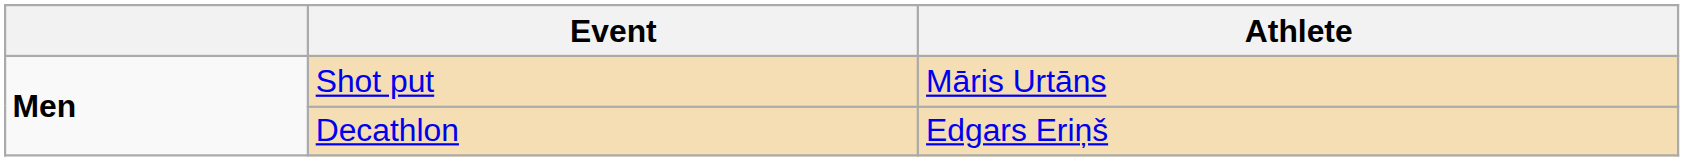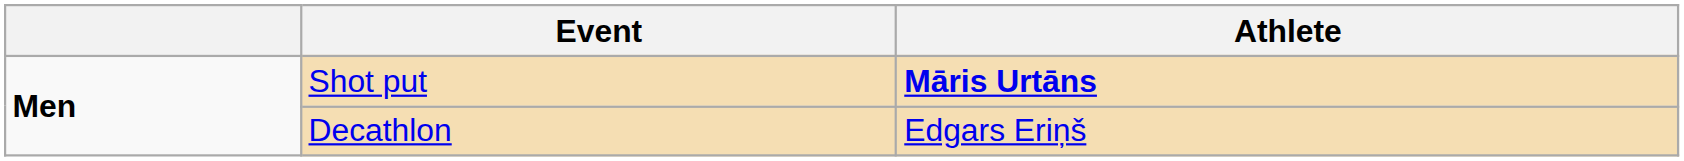 <table class=wikitable style="font-size:90%" width=60%>
 <tr>
 <th></th>
 <th>Event</th>
 <th>Athlete</th>
 </tr>
 <tr>
 <td rowspan=2><strong>Men</strong></td>
 <td bgcolor="wheat"><a href='#'>Shot put</a></td>
-<td bgcolor="wheat"><a href='#'>Māris Urtāns</a></td>
+<td bgcolor="wheat"><strong><a href='#'>Māris Urtāns</a></strong></td>
 </tr>
 <tr>
 <td bgcolor="wheat"><a href='#'>Decathlon</a></td>
 <td bgcolor="wheat"><a href='#'>Edgars Eriņš</a></td>
 </tr>
 </table>
